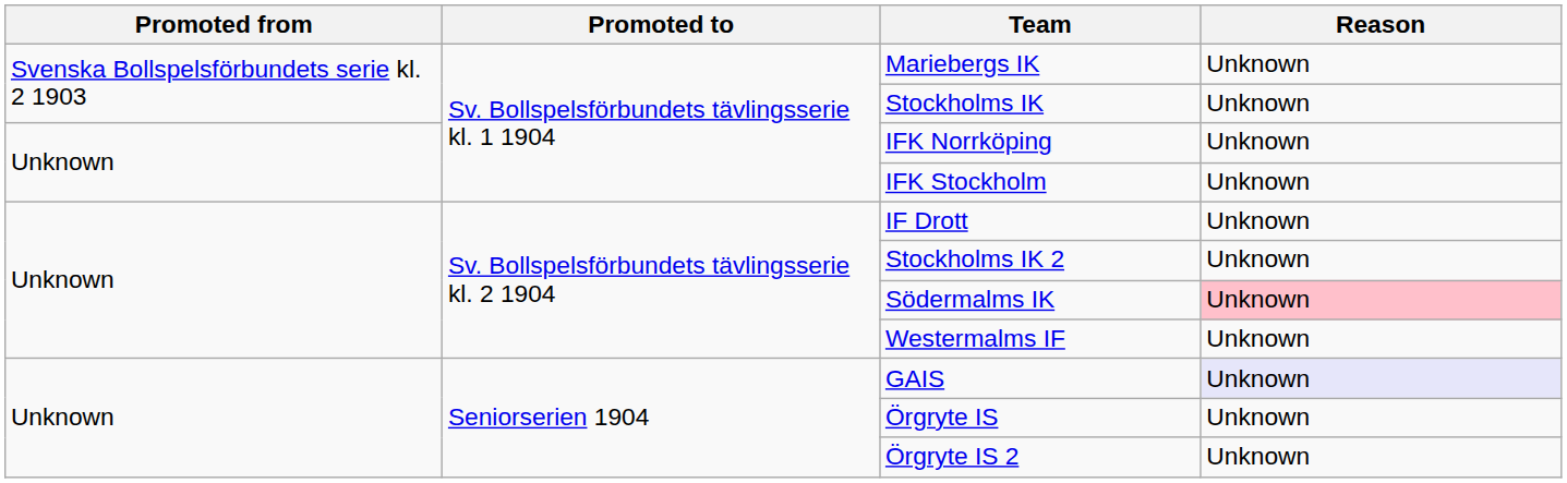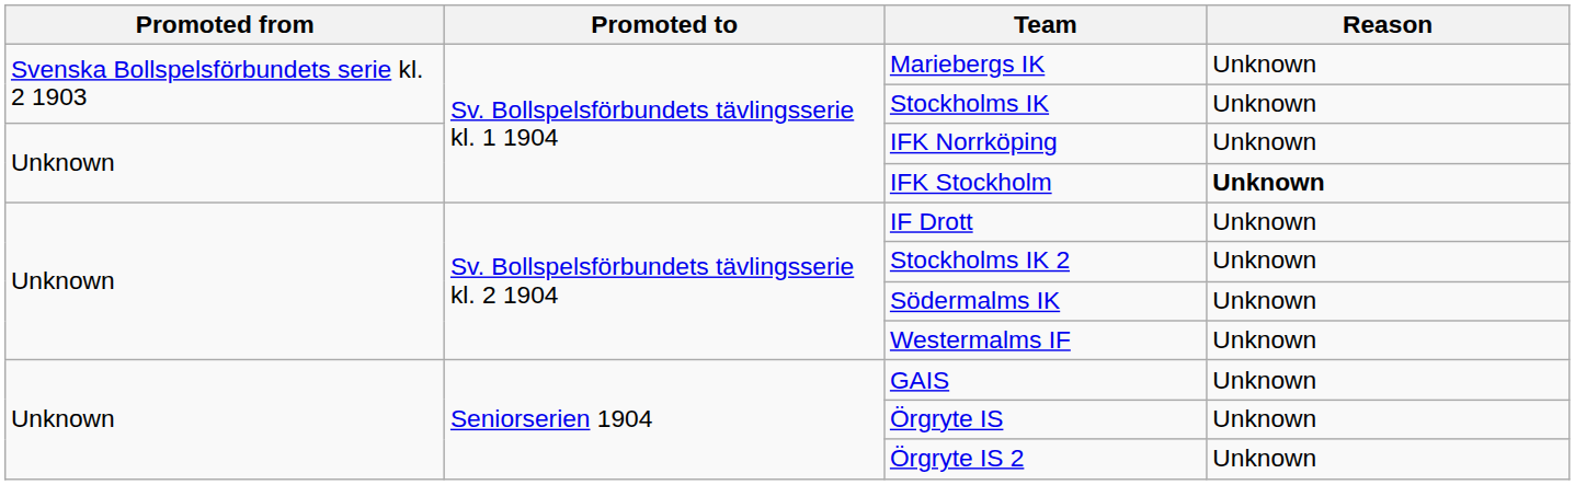 <table class="wikitable" style="text-align: left;">
 <tr>
 <th style="width: 275px;">Promoted from</th>
 <th style="width: 275px;">Promoted to</th>
 <th style="width: 200px;">Team</th>
 <th style="width: 225px;">Reason</th>
 </tr>
 <tr>
 <td rowspan=2><a href='#'>Svenska Bollspelsförbundets serie</a> kl. 2 1903</td>
 <td rowspan=4><a href='#'>Sv. Bollspelsförbundets tävlingsserie</a> kl. 1 1904</td>
 <td><a href='#'>Mariebergs IK</a></td>
 <td>Unknown</td>
 </tr>
 <tr>
 <td><a href='#'>Stockholms IK</a></td>
 <td>Unknown</td>
 </tr>
 <tr>
 <td rowspan=2>Unknown</td>
 <td><a href='#'>IFK Norrköping</a></td>
 <td>Unknown</td>
 </tr>
 <tr>
 <td><a href='#'>IFK Stockholm</a></td>
-<td>Unknown</td>
+<td><strong>Unknown</strong></td>
 </tr>
 <tr>
 <td rowspan=4>Unknown</td>
 <td rowspan=4><a href='#'>Sv. Bollspelsförbundets tävlingsserie</a> kl. 2 1904</td>
 <td><a href='#'>IF Drott</a></td>
 <td>Unknown</td>
 </tr>
 <tr>
 <td><a href='#'>Stockholms IK 2</a></td>
 <td>Unknown</td>
 </tr>
 <tr>
 <td><a href='#'>Södermalms IK</a></td>
-<td style="background: pink;">Unknown</td>
+<td>Unknown</td>
 </tr>
 <tr>
 <td><a href='#'>Westermalms IF</a></td>
 <td>Unknown</td>
 </tr>
 <tr>
 <td rowspan=3>Unknown</td>
 <td rowspan=3><a href='#'>Seniorserien</a> 1904</td>
 <td><a href='#'>GAIS</a></td>
-<td style="background: lavender;">Unknown</td>
+<td>Unknown</td>
 </tr>
 <tr>
 <td><a href='#'>Örgryte IS</a></td>
 <td>Unknown</td>
 </tr>
 <tr>
 <td><a href='#'>Örgryte IS 2</a></td>
 <td>Unknown</td>
 </tr>
 </table>
